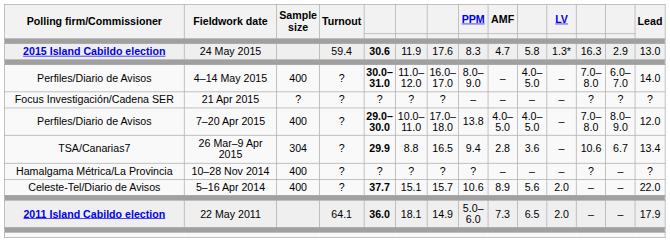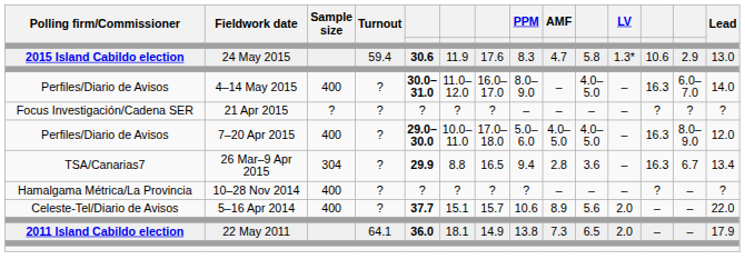 <table class="wikitable collapsible collapsed" style="text-align:center; font-size:95%; line-height:16px;">
 <tr style="height:42px;">
 <th style="width:250px;" rowspan="2">Polling firm/Commissioner</th>
 <th style="width:125px;" rowspan="2">Fieldwork date</th>
 <th style="width:50px;" rowspan="2">Sample size</th>
 <th style="width:45px;" rowspan="2">Turnout</th>
 <th style="width:35px;"></th>
 <th style="width:35px;"></th>
 <th style="width:35px;"></th>
 <th style="width:35px;"><a href='#'>PPM</a></th>
 <th style="width:35px;">AMF</th>
 <th style="width:35px;"></th>
 <th style="width:35px;"><a href='#'>LV</a></th>
 <th style="width:35px;"></th>
 <th style="width:35px;"></th>
 <th style="width:30px;" rowspan="2">Lead</th>
 </tr>
 <tr>
 <th style="color:inherit;background:"></th>
 <th style="color:inherit;background:"></th>
 <th style="color:inherit;background:"></th>
 <th style="color:inherit;background:"></th>
 <th style="color:inherit;background:"></th>
 <th style="color:inherit;background:"></th>
 <th style="color:inherit;background:"></th>
 <th style="color:inherit;background:"></th>
 <th style="color:inherit;background:"></th>
 </tr>
 <tr>
 <td colspan="14" style="background:#A0A0A0"></td>
 </tr>
 <tr style="background:#EFEFEF;">
 <td><strong><a href='#'>2015 Island Cabildo election</a></strong></td>
 <td>24 May 2015</td>
 <td></td>
 <td>59.4</td>
 <td><strong>30.6</strong><br></td>
 <td>11.9<br></td>
 <td>17.6<br></td>
 <td>8.3<br></td>
 <td>4.7<br></td>
 <td>5.8<br></td>
 <td>1.3*<br></td>
-<td>16.3<br></td>
+<td>10.6<br></td>
 <td>2.9<br></td>
 <td style="background:">13.0</td>
 </tr>
 <tr>
 <td colspan="14" style="background:#A0A0A0"></td>
 </tr>
 <tr>
 <td>Perfiles/Diario de Avisos</td>
 <td>4–14 May 2015</td>
 <td>400</td>
 <td>?</td>
 <td><strong>30.0–<br>31.0</strong><br></td>
 <td>11.0–<br>12.0<br></td>
 <td>16.0–<br>17.0<br></td>
 <td>8.0–<br>9.0<br></td>
 <td>–</td>
 <td>4.0–<br>5.0<br></td>
 <td>–</td>
-<td>7.0–<br>8.0<br></td>
+<td>16.3<br></td>
 <td>6.0–<br>7.0<br></td>
 <td style="background:">14.0</td>
 </tr>
 <tr>
 <td>Focus Investigación/Cadena SER</td>
 <td>21 Apr 2015</td>
 <td>?</td>
 <td>?</td>
 <td>?<br></td>
 <td>?<br></td>
 <td>?<br></td>
 <td>–</td>
 <td>–</td>
 <td>–</td>
 <td>–</td>
 <td>?<br></td>
 <td>?<br></td>
 <td style="background:">?</td>
 </tr>
 <tr>
 <td>Perfiles/Diario de Avisos</td>
 <td>7–20 Apr 2015</td>
 <td>400</td>
 <td>?</td>
 <td><strong>29.0–<br>30.0</strong><br></td>
 <td>10.0–<br>11.0<br></td>
 <td>17.0–<br>18.0<br></td>
-<td>13.8<br></td>
+<td>5.0–<br>6.0<br></td>
 <td>4.0–<br>5.0<br></td>
 <td>4.0–<br>5.0<br></td>
 <td>–</td>
-<td>7.0–<br>8.0<br></td>
+<td>16.3<br></td>
 <td>8.0–<br>9.0<br></td>
 <td style="background:">12.0</td>
 </tr>
 <tr>
 <td>TSA/Canarias7</td>
 <td>26 Mar–9 Apr 2015</td>
 <td>304</td>
 <td>?</td>
 <td><strong>29.9</strong><br></td>
 <td>8.8<br></td>
 <td>16.5<br></td>
 <td>9.4<br></td>
 <td>2.8<br></td>
 <td>3.6<br></td>
 <td>–</td>
-<td>10.6<br></td>
+<td>16.3<br></td>
 <td>6.7<br></td>
 <td style="background:">13.4</td>
 </tr>
 <tr>
 <td>Hamalgama Métrica/La Provincia</td>
 <td>10–28 Nov 2014</td>
 <td>400</td>
 <td>?</td>
 <td>?<br></td>
 <td>?<br></td>
 <td>?<br></td>
 <td>?<br></td>
 <td>–</td>
 <td>–</td>
 <td>–</td>
 <td>?<br></td>
 <td>–</td>
 <td style="background:">?</td>
 </tr>
 <tr>
 <td>Celeste-Tel/Diario de Avisos</td>
 <td>5–16 Apr 2014</td>
 <td>400</td>
 <td>?</td>
 <td><strong>37.7</strong><br></td>
 <td>15.1<br></td>
 <td>15.7<br></td>
 <td>10.6<br></td>
 <td>8.9<br></td>
 <td>5.6<br></td>
 <td>2.0<br></td>
 <td>–</td>
 <td>–</td>
 <td style="background:">22.0</td>
 </tr>
 <tr>
 <td colspan="14" style="background:#A0A0A0"></td>
 </tr>
 <tr style="background:#EFEFEF;">
 <td><strong><a href='#'>2011 Island Cabildo election</a></strong></td>
 <td>22 May 2011</td>
 <td></td>
 <td>64.1</td>
 <td><strong>36.0</strong><br></td>
 <td>18.1<br></td>
 <td>14.9<br></td>
-<td>5.0–<br>6.0<br></td>
+<td>13.8<br></td>
 <td>7.3<br></td>
 <td>6.5<br></td>
 <td>2.0<br></td>
 <td>–</td>
 <td>–</td>
 <td style="background:">17.9</td>
 </tr>
 <tr>
 <td colspan="14" style="background:#A0A0A0"></td>
 </tr>
 <tr>
 <td align="left" colspan="14"></td>
 </tr>
 </table>
